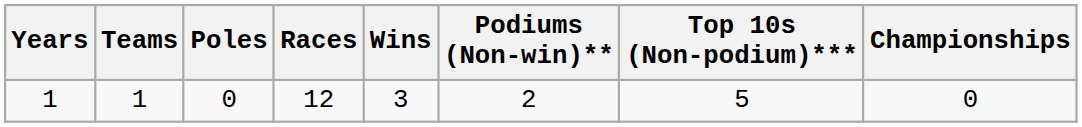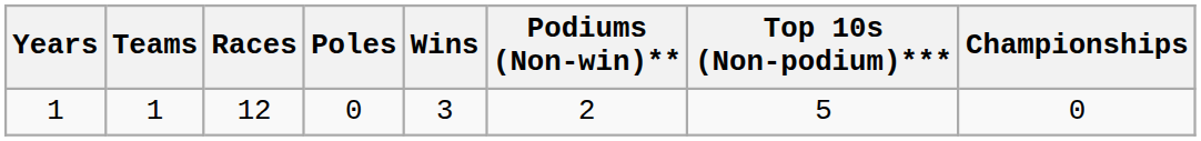 <table class="wikitable" style="text-align:center; font-size:90%">
 <tr>
 <th>Years</th>
 <th>Teams</th>
+<th>Races</th>
 <th>Poles</th>
-<th>Races</th>
 <th>Wins</th>
 <th>Podiums<br>(Non-win)**</th>
 <th>Top 10s<br>(Non-podium)***</th>
 <th>Championships</th>
 </tr>
 <tr>
 <td>1</td>
 <td>1</td>
+<td>12</td>
 <td>0</td>
-<td>12</td>
 <td>3</td>
 <td>2</td>
 <td>5</td>
 <td>0</td>
 </tr>
 </table>
